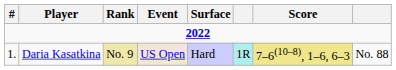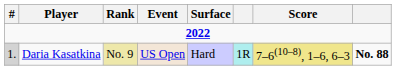 <table class="wikitable sortable">
 <tr>
 <th>#</th>
 <th>Player</th>
 <th>Rank</th>
 <th>Event</th>
 <th>Surface</th>
 <th></th>
 <th>Score</th>
 <th></th>
 </tr>
 <tr>
 <td colspan=8 style=text-align:center><strong><a href='#'>2022</a></strong></td>
 </tr>
 <tr>
-<td>1.</td>
+<td style="background: lightgrey;">1.</td>
 <td> <a href='#'>Daria Kasatkina</a></td>
 <td bgcolor=eee8AA>No. 9</td>
 <td bgcolor=f3e6d7><a href='#'>US Open</a></td>
 <td bgcolor=ccccff>Hard</td>
 <td bgcolor=afeeee>1R</td>
 <td style="background: khaki;">7–6<sup>(10–8)</sup>, 1–6, 6–3</td>
-<td>No. 88</td>
+<td><strong>No. 88</strong></td>
 </tr>
 </table>
